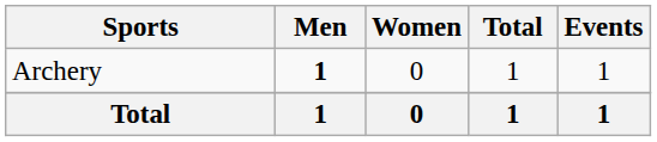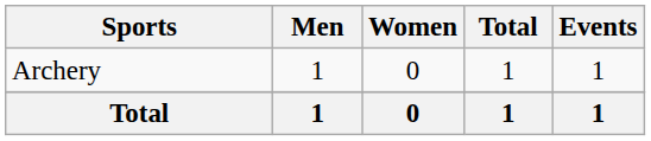 <table class="wikitable sortable" style="text-align:center;">
 <tr>
 <th width=150>Sports</th>
 <th width=45>Men</th>
 <th width=45>Women</th>
 <th width=45>Total</th>
 <th width=45>Events</th>
 </tr>
 <tr>
 <td align=left>Archery</td>
-<td><strong>1</strong></td>
+<td>1</td>
 <td>0</td>
 <td>1</td>
 <td>1</td>
 </tr>
 <tr>
 </tr>
 <tr class="sortbottom">
 <th>Total</th>
 <th>1</th>
 <th>0</th>
 <th>1</th>
 <th>1</th>
 </tr>
 </table>
